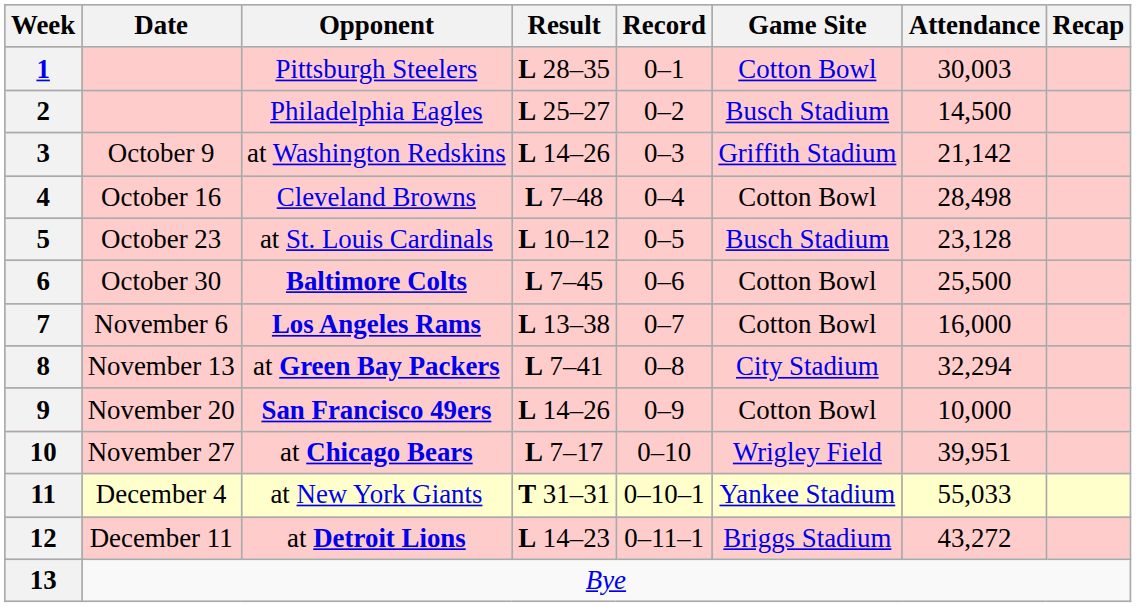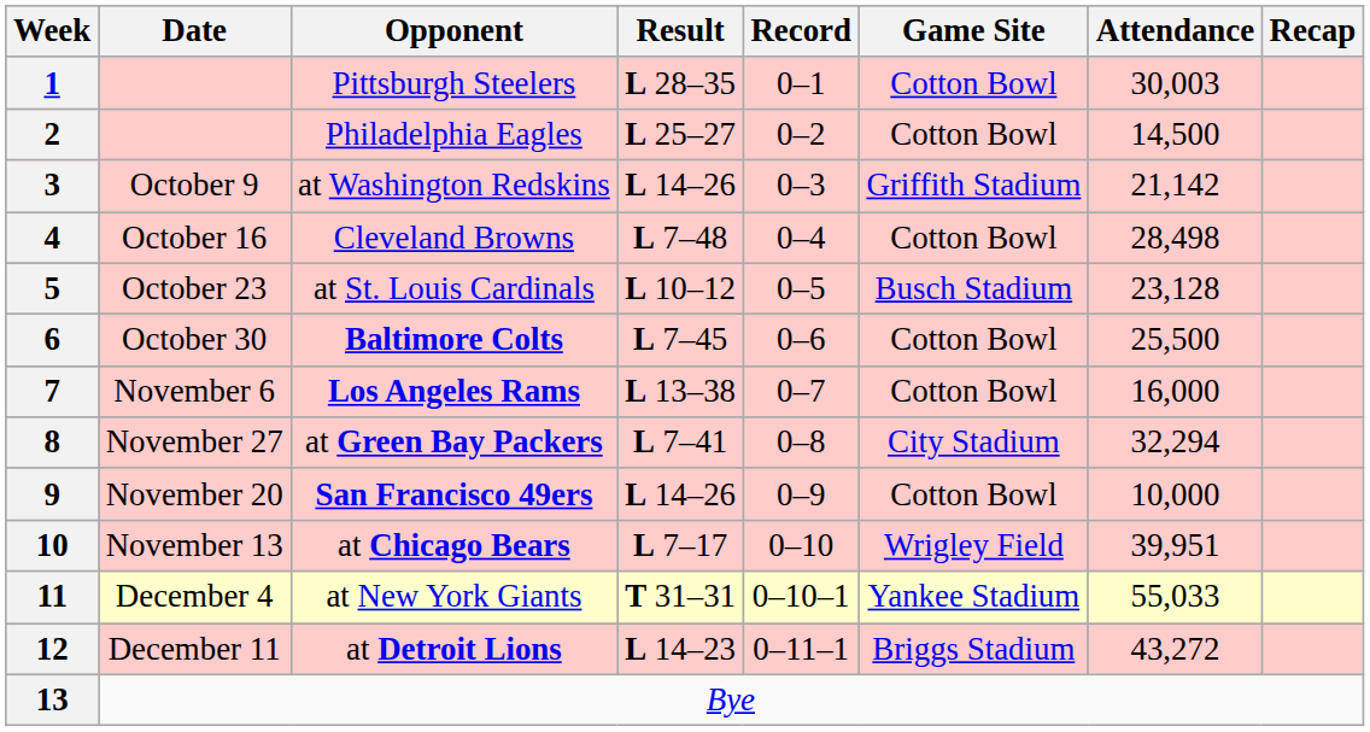 <table class="wikitable" style="text-align:center">
 <tr>
 <th>Week</th>
 <th>Date</th>
 <th>Opponent</th>
 <th>Result</th>
 <th>Record</th>
 <th>Game Site</th>
 <th>Attendance</th>
 <th>Recap</th>
 </tr>
 <tr style="background: #fcc">
 <th><a href='#'>1</a></th>
 <td></td>
 <td><a href='#'>Pittsburgh Steelers</a></td>
 <td><strong>L</strong> 28–35</td>
 <td>0–1</td>
 <td><a href='#'>Cotton Bowl</a></td>
 <td>30,003</td>
 <td></td>
 </tr>
 <tr style="background: #fcc">
 <th>2</th>
 <td></td>
 <td><a href='#'>Philadelphia Eagles</a></td>
 <td><strong>L</strong> 25–27</td>
 <td>0–2</td>
-<td><a href='#'>Busch Stadium</a></td>
+<td>Cotton Bowl</td>
 <td>14,500</td>
 <td></td>
 </tr>
 <tr style="background: #fcc">
 <th>3</th>
 <td>October 9</td>
 <td>at <a href='#'>Washington Redskins</a></td>
 <td><strong>L</strong> 14–26</td>
 <td>0–3</td>
 <td><a href='#'>Griffith Stadium</a></td>
 <td>21,142</td>
 <td></td>
 </tr>
 <tr style="background: #fcc">
 <th>4</th>
 <td>October 16</td>
 <td><a href='#'>Cleveland Browns</a></td>
 <td><strong>L</strong> 7–48</td>
 <td>0–4</td>
 <td>Cotton Bowl</td>
 <td>28,498</td>
 <td></td>
 </tr>
 <tr style="background: #fcc">
 <th>5</th>
 <td>October 23</td>
 <td>at <a href='#'>St. Louis Cardinals</a></td>
 <td><strong>L</strong> 10–12</td>
 <td>0–5</td>
 <td><a href='#'>Busch Stadium</a></td>
 <td>23,128</td>
 <td></td>
 </tr>
 <tr style="background: #fcc">
 <th>6</th>
 <td>October 30</td>
 <td><strong><a href='#'>Baltimore Colts</a></strong></td>
 <td><strong>L</strong> 7–45</td>
 <td>0–6</td>
 <td>Cotton Bowl</td>
 <td>25,500</td>
 <td></td>
 </tr>
 <tr style="background: #fcc">
 <th>7</th>
 <td>November 6</td>
 <td><strong><a href='#'>Los Angeles Rams</a></strong></td>
 <td><strong>L</strong> 13–38</td>
 <td>0–7</td>
 <td>Cotton Bowl</td>
 <td>16,000</td>
 <td></td>
 </tr>
 <tr style="background: #fcc">
 <th>8</th>
-<td>November 13</td>
+<td>November 27</td>
 <td>at <strong><a href='#'>Green Bay Packers</a></strong></td>
 <td><strong>L</strong> 7–41</td>
 <td>0–8</td>
 <td><a href='#'>City Stadium</a></td>
 <td>32,294</td>
 <td></td>
 </tr>
 <tr style="background: #fcc">
 <th>9</th>
 <td>November 20</td>
 <td><strong><a href='#'>San Francisco 49ers</a></strong></td>
 <td><strong>L</strong> 14–26</td>
 <td>0–9</td>
 <td>Cotton Bowl</td>
 <td>10,000</td>
 <td></td>
 </tr>
 <tr style="background: #fcc">
 <th>10</th>
-<td>November 27</td>
+<td>November 13</td>
 <td>at <strong><a href='#'>Chicago Bears</a></strong></td>
 <td><strong>L</strong> 7–17</td>
 <td>0–10</td>
 <td><a href='#'>Wrigley Field</a></td>
 <td>39,951</td>
 <td></td>
 </tr>
 <tr style="background: #ffc">
 <th>11</th>
 <td>December 4</td>
 <td>at <a href='#'>New York Giants</a></td>
 <td><strong>T</strong> 31–31</td>
 <td>0–10–1</td>
 <td><a href='#'>Yankee Stadium</a></td>
 <td>55,033</td>
 <td></td>
 </tr>
 <tr style="background: #fcc">
 <th>12</th>
 <td>December 11</td>
 <td>at <strong><a href='#'>Detroit Lions</a></strong></td>
 <td><strong>L</strong> 14–23</td>
 <td>0–11–1</td>
 <td><a href='#'>Briggs Stadium</a></td>
 <td>43,272</td>
 <td></td>
 </tr>
 <tr>
 <th>13</th>
 <td colspan=7><em><a href='#'>Bye</a></em></td>
 </tr>
 </table>
